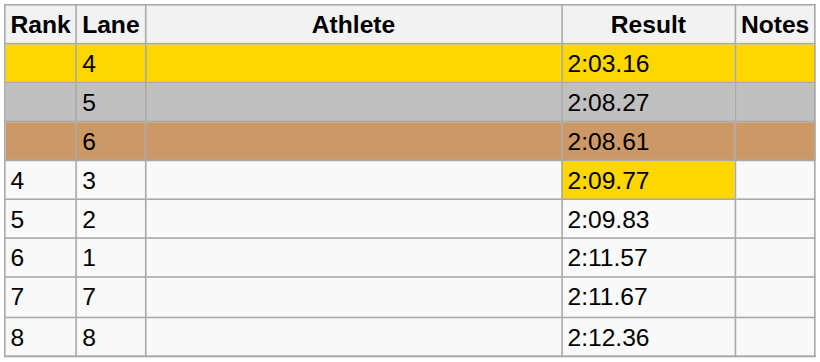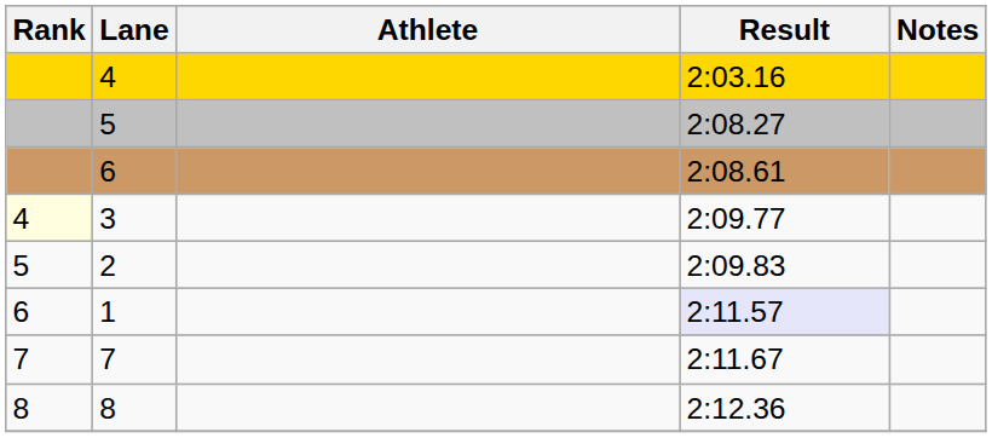 <table class="wikitable" style="font-size:95%" style="width:35em;" style="text-align:center">
 <tr>
 <th>Rank</th>
 <th>Lane</th>
 <th width=250>Athlete</th>
 <th width=100>Result</th>
 <th>Notes</th>
 </tr>
 <tr bgcolor=gold>
 <td></td>
 <td>4</td>
 <td align=left></td>
 <td>2:03.16</td>
 <td></td>
 </tr>
 <tr bgcolor=silver>
 <td></td>
 <td>5</td>
 <td align=left></td>
 <td>2:08.27</td>
 <td></td>
 </tr>
 <tr bgcolor=cc9966>
 <td></td>
 <td>6</td>
 <td align=left></td>
 <td>2:08.61</td>
 <td></td>
 </tr>
 <tr>
-<td>4</td>
+<td style="background: lightyellow;">4</td>
 <td>3</td>
 <td align=left></td>
-<td style="background: gold;">2:09.77</td>
+<td>2:09.77</td>
 <td></td>
 </tr>
 <tr>
 <td>5</td>
 <td>2</td>
 <td align=left></td>
 <td>2:09.83</td>
 <td></td>
 </tr>
 <tr>
 <td>6</td>
 <td>1</td>
 <td align=left></td>
-<td>2:11.57</td>
+<td style="background: lavender;">2:11.57</td>
 <td></td>
 </tr>
 <tr>
 <td>7</td>
 <td>7</td>
 <td align=left></td>
 <td>2:11.67</td>
 <td></td>
 </tr>
 <tr>
 <td>8</td>
 <td>8</td>
 <td align=left></td>
 <td>2:12.36</td>
 <td></td>
 </tr>
 <tr>
 </tr>
 </table>
